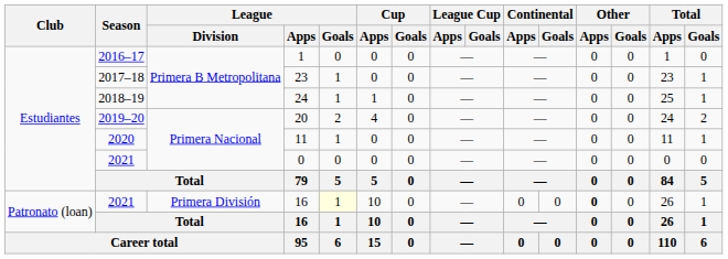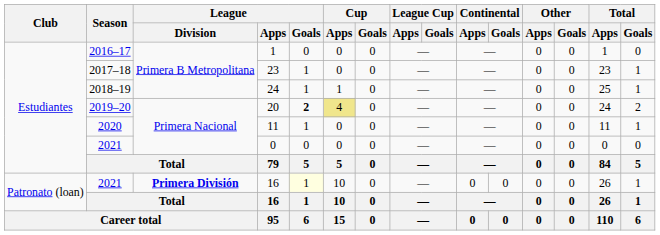 <table class="wikitable" style="text-align:center">
 <tr>
 <th rowspan="2">Club</th>
 <th rowspan="2">Season</th>
 <th colspan="3">League</th>
 <th colspan="2">Cup</th>
 <th colspan="2">League Cup</th>
 <th colspan="2">Continental</th>
 <th colspan="2">Other</th>
 <th colspan="2">Total</th>
 </tr>
 <tr>
 <th>Division</th>
 <th>Apps</th>
 <th>Goals</th>
 <th>Apps</th>
 <th>Goals</th>
 <th>Apps</th>
 <th>Goals</th>
 <th>Apps</th>
 <th>Goals</th>
 <th>Apps</th>
 <th>Goals</th>
 <th>Apps</th>
 <th>Goals</th>
 </tr>
 <tr>
 <td rowspan="7"><a href='#'>Estudiantes</a></td>
 <td><a href='#'>2016–17</a></td>
 <td rowspan="3"><a href='#'>Primera B Metropolitana</a></td>
 <td>1</td>
 <td>0</td>
 <td>0</td>
 <td>0</td>
 <td colspan="2">—</td>
 <td colspan="2">—</td>
 <td>0</td>
 <td>0</td>
 <td>1</td>
 <td>0</td>
 </tr>
 <tr>
 <td>2017–18</td>
 <td>23</td>
 <td>1</td>
 <td>0</td>
 <td>0</td>
 <td colspan="2">—</td>
 <td colspan="2">—</td>
 <td>0</td>
 <td>0</td>
 <td>23</td>
 <td>1</td>
 </tr>
 <tr>
 <td>2018–19</td>
 <td>24</td>
 <td>1</td>
 <td>1</td>
 <td>0</td>
 <td colspan="2">—</td>
 <td colspan="2">—</td>
 <td>0</td>
 <td>0</td>
 <td>25</td>
 <td>1</td>
 </tr>
 <tr>
 <td><a href='#'>2019–20</a></td>
 <td rowspan="3"><a href='#'>Primera Nacional</a></td>
 <td>20</td>
-<td>2</td>
-<td>4</td>
+<td><strong>2</strong></td>
+<td style="background: khaki;">4</td>
 <td>0</td>
 <td colspan="2">—</td>
 <td colspan="2">—</td>
 <td>0</td>
 <td>0</td>
 <td>24</td>
 <td>2</td>
 </tr>
 <tr>
 <td><a href='#'>2020</a></td>
 <td>11</td>
 <td>1</td>
 <td>0</td>
 <td>0</td>
 <td colspan="2">—</td>
 <td colspan="2">—</td>
 <td>0</td>
 <td>0</td>
 <td>11</td>
 <td>1</td>
 </tr>
 <tr>
 <td><a href='#'>2021</a></td>
 <td>0</td>
 <td>0</td>
 <td>0</td>
 <td>0</td>
 <td colspan="2">—</td>
 <td colspan="2">—</td>
 <td>0</td>
 <td>0</td>
 <td>0</td>
 <td>0</td>
 </tr>
 <tr>
 <th colspan="2">Total</th>
 <th>79</th>
 <th>5</th>
 <th>5</th>
 <th>0</th>
 <th colspan="2">—</th>
 <th colspan="2">—</th>
 <th>0</th>
 <th>0</th>
 <th>84</th>
 <th>5</th>
 </tr>
 <tr>
 <td rowspan="2"><a href='#'>Patronato</a> (loan)</td>
 <td><a href='#'>2021</a></td>
-<td rowspan="1"><a href='#'>Primera División</a></td>
+<td rowspan="1"><strong><a href='#'>Primera División</a></strong></td>
 <td>16</td>
 <td style="background: lightyellow;">1</td>
 <td>10</td>
 <td>0</td>
 <td colspan="2">—</td>
 <td>0</td>
 <td>0</td>
-<td><strong>0</strong></td>
+<td>0</td>
 <td>0</td>
 <td>26</td>
 <td>1</td>
 </tr>
 <tr>
 <th colspan="2">Total</th>
 <th>16</th>
 <th>1</th>
 <th>10</th>
 <th>0</th>
 <th colspan="2">—</th>
 <th colspan="2">—</th>
 <th>0</th>
 <th>0</th>
 <th>26</th>
 <th>1</th>
 </tr>
 <tr>
 <th colspan="3">Career total</th>
 <th>95</th>
 <th>6</th>
 <th>15</th>
 <th>0</th>
 <th colspan="2">—</th>
 <th>0</th>
 <th>0</th>
 <th>0</th>
 <th>0</th>
 <th>110</th>
 <th>6</th>
 </tr>
 </table>
